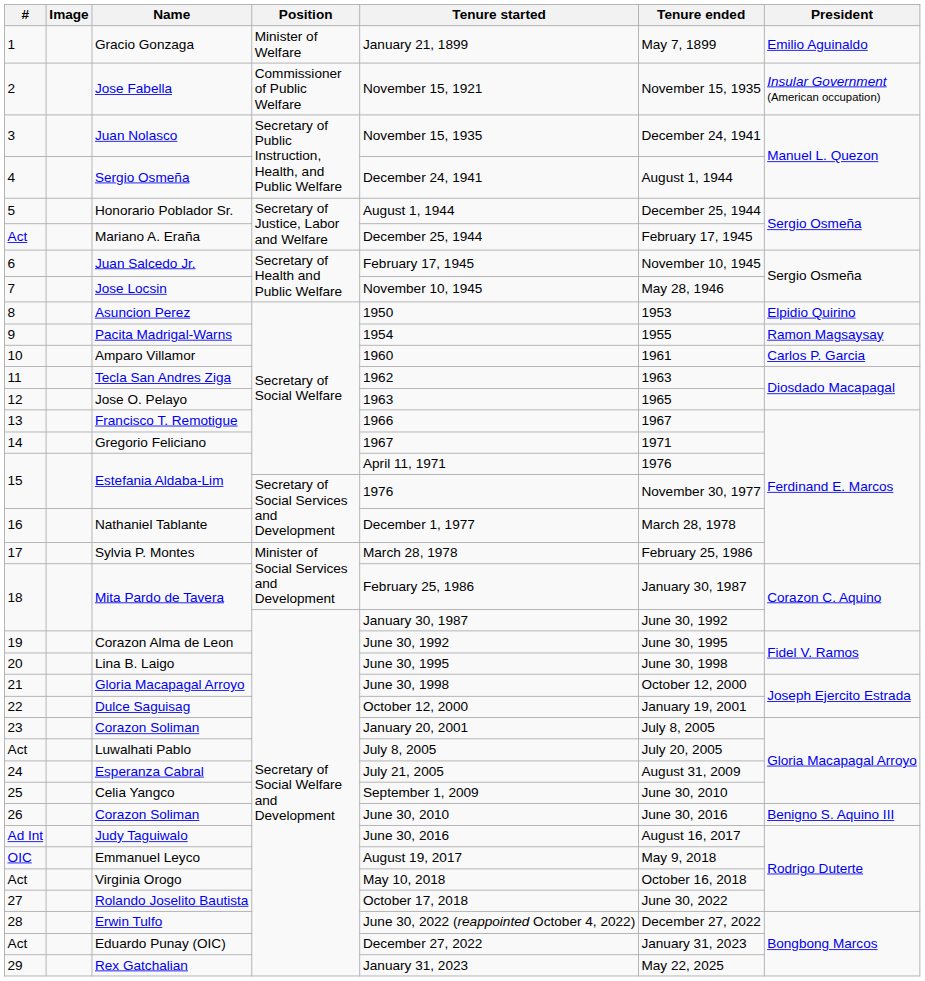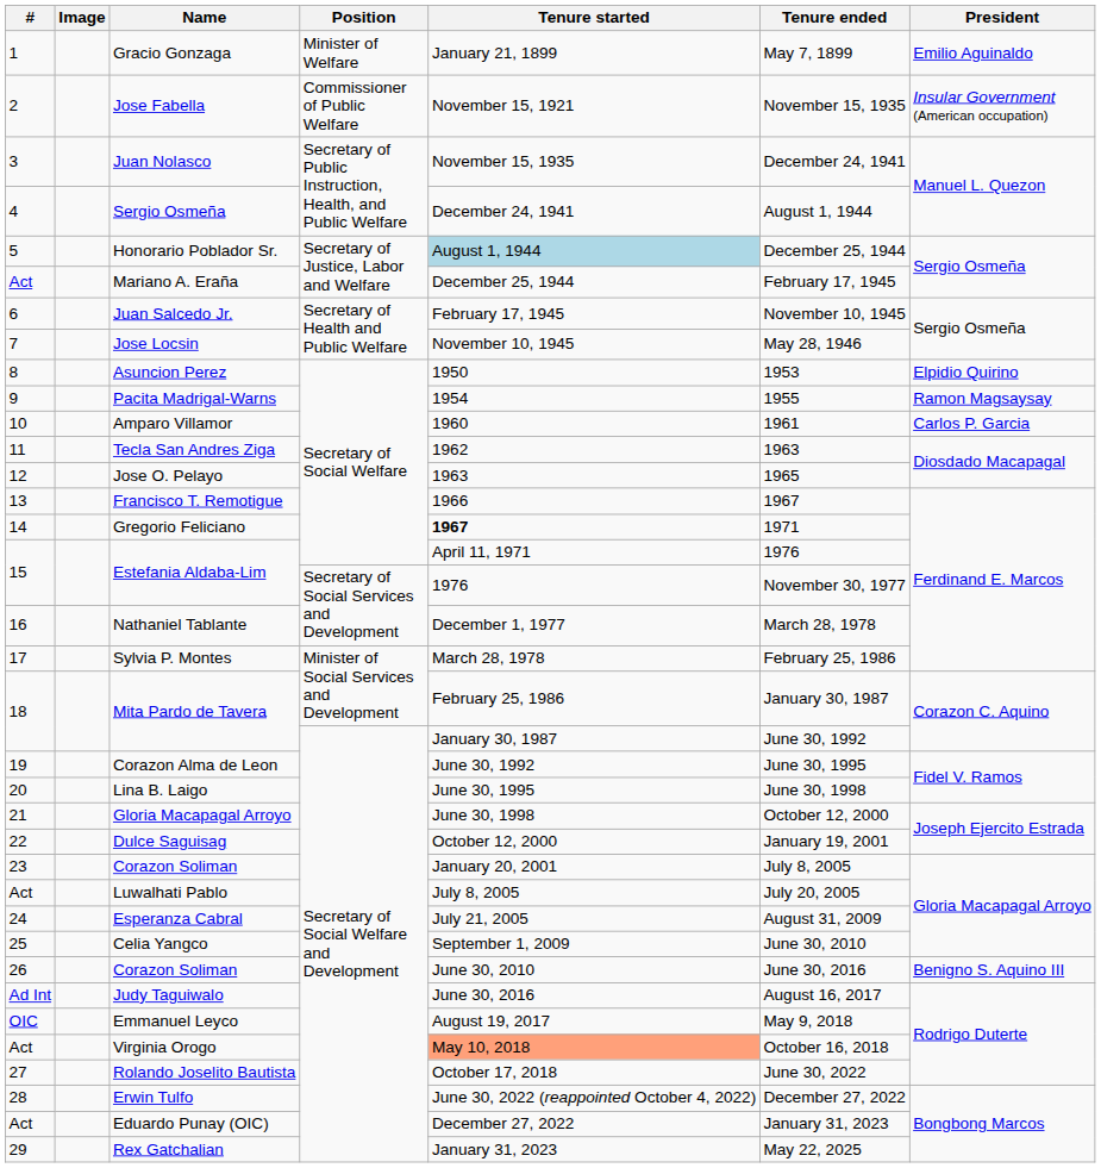 <table class=wikitable>
 <tr>
 <th>#</th>
 <th>Image</th>
 <th>Name</th>
 <th width=120px>Position</th>
 <th>Tenure started</th>
 <th>Tenure ended</th>
 <th>President</th>
 </tr>
 <tr>
 <td>1</td>
 <td></td>
 <td>Gracio Gonzaga</td>
 <td>Minister of Welfare</td>
 <td>January 21, 1899</td>
 <td>May 7, 1899</td>
 <td><a href='#'>Emilio Aguinaldo</a></td>
 </tr>
 <tr>
 <td>2</td>
 <td></td>
 <td><a href='#'>Jose Fabella</a></td>
 <td>Commissioner of Public Welfare</td>
 <td>November 15, 1921</td>
 <td>November 15, 1935</td>
 <td><em><a href='#'>Insular Government</a></em><br><small>(American occupation)</small></td>
 </tr>
 <tr>
 <td>3</td>
 <td></td>
 <td><a href='#'>Juan Nolasco</a></td>
 <td rowspan="2">Secretary of Public Instruction, Health, and Public Welfare</td>
 <td>November 15, 1935</td>
 <td>December 24, 1941</td>
 <td rowspan="2"><a href='#'>Manuel L. Quezon</a></td>
 </tr>
 <tr>
 <td>4</td>
 <td></td>
 <td><a href='#'>Sergio Osmeña</a></td>
 <td>December 24, 1941</td>
 <td>August 1, 1944</td>
 </tr>
 <tr>
 <td>5</td>
 <td></td>
 <td>Honorario Poblador Sr.</td>
 <td rowspan="2">Secretary of Justice, Labor and Welfare</td>
-<td>August 1, 1944</td>
+<td style="background: lightblue;">August 1, 1944</td>
 <td>December 25, 1944</td>
 <td rowspan="2"><a href='#'>Sergio Osmeña</a></td>
 </tr>
 <tr>
 <td><a href='#'>Act</a></td>
 <td></td>
 <td>Mariano A. Eraña</td>
 <td>December 25, 1944</td>
 <td>February 17, 1945</td>
 </tr>
 <tr>
 <td>6</td>
 <td></td>
 <td><a href='#'>Juan Salcedo Jr.</a></td>
 <td rowspan="2">Secretary of Health and Public Welfare</td>
 <td>February 17, 1945</td>
 <td>November 10, 1945</td>
 <td rowspan="2">Sergio Osmeña</td>
 </tr>
 <tr>
 <td>7</td>
 <td></td>
 <td><a href='#'>Jose Locsin</a></td>
 <td>November 10, 1945</td>
 <td>May 28, 1946</td>
 </tr>
 <tr>
 <td>8</td>
 <td></td>
 <td><a href='#'>Asuncion Perez</a></td>
 <td rowspan="8">Secretary  of Social Welfare</td>
 <td>1950</td>
 <td>1953</td>
 <td><a href='#'>Elpidio Quirino</a></td>
 </tr>
 <tr>
 <td>9</td>
 <td></td>
 <td><a href='#'>Pacita Madrigal-Warns</a></td>
 <td>1954</td>
 <td>1955</td>
 <td><a href='#'>Ramon Magsaysay</a></td>
 </tr>
 <tr>
 <td>10</td>
 <td></td>
 <td>Amparo Villamor</td>
 <td>1960</td>
 <td>1961</td>
 <td><a href='#'>Carlos P. Garcia</a></td>
 </tr>
 <tr>
 <td>11</td>
 <td></td>
 <td><a href='#'>Tecla San Andres Ziga</a></td>
 <td>1962</td>
 <td>1963</td>
 <td rowspan=2><a href='#'>Diosdado Macapagal</a></td>
 </tr>
 <tr>
 <td>12</td>
 <td></td>
 <td>Jose O. Pelayo</td>
 <td>1963</td>
 <td>1965</td>
 </tr>
 <tr>
 <td>13</td>
 <td></td>
 <td><a href='#'>Francisco T. Remotigue</a></td>
 <td>1966</td>
 <td>1967</td>
 <td rowspan="6"><a href='#'>Ferdinand E. Marcos</a></td>
 </tr>
 <tr>
 <td>14</td>
 <td></td>
 <td>Gregorio Feliciano</td>
-<td>1967</td>
+<td><strong>1967</strong></td>
 <td>1971</td>
 </tr>
 <tr>
 <td rowspan="2">15</td>
 <td rowspan="2"></td>
 <td rowspan="2"><a href='#'>Estefania Aldaba-Lim</a></td>
 <td>April 11, 1971</td>
 <td>1976</td>
 </tr>
 <tr>
 <td rowspan="2">Secretary of Social Services and Development</td>
 <td>1976</td>
 <td>November 30, 1977</td>
 </tr>
 <tr>
 <td>16</td>
 <td></td>
 <td>Nathaniel Tablante</td>
 <td>December 1, 1977</td>
 <td>March 28, 1978</td>
 </tr>
 <tr>
 <td>17</td>
 <td></td>
 <td>Sylvia P. Montes</td>
 <td rowspan="2">Minister of Social Services and Development</td>
 <td>March 28, 1978</td>
 <td>February 25, 1986</td>
 </tr>
 <tr>
 <td rowspan="2">18</td>
 <td rowspan="2"></td>
 <td rowspan="2"><a href='#'>Mita Pardo de Tavera</a></td>
 <td>February 25, 1986</td>
 <td>January 30, 1987</td>
 <td rowspan="2"><a href='#'>Corazon C. Aquino</a></td>
 </tr>
 <tr>
 <td rowspan="17">Secretary of Social Welfare and Development</td>
 <td>January 30, 1987</td>
 <td>June 30, 1992</td>
 </tr>
 <tr>
 <td>19</td>
 <td></td>
 <td>Corazon Alma de Leon</td>
 <td>June 30, 1992</td>
 <td>June 30, 1995</td>
 <td rowspan=2><a href='#'>Fidel V. Ramos</a></td>
 </tr>
 <tr>
 <td>20</td>
 <td></td>
 <td>Lina B. Laigo</td>
 <td>June 30, 1995</td>
 <td>June 30, 1998</td>
 </tr>
 <tr>
 <td>21</td>
 <td></td>
 <td><a href='#'>Gloria Macapagal Arroyo</a></td>
 <td>June 30, 1998</td>
 <td>October 12, 2000</td>
 <td rowspan=2><a href='#'>Joseph Ejercito Estrada</a></td>
 </tr>
 <tr>
 <td>22</td>
 <td></td>
 <td><a href='#'>Dulce Saguisag</a></td>
 <td>October 12, 2000</td>
 <td>January 19, 2001</td>
 </tr>
 <tr>
 <td>23</td>
 <td></td>
 <td><a href='#'>Corazon Soliman</a></td>
 <td>January 20, 2001</td>
 <td>July 8, 2005</td>
 <td rowspan=4><a href='#'>Gloria Macapagal Arroyo</a></td>
 </tr>
 <tr>
 <td>Act</td>
 <td></td>
 <td>Luwalhati Pablo</td>
 <td>July 8, 2005</td>
 <td>July 20, 2005</td>
 </tr>
 <tr>
 <td>24</td>
 <td></td>
 <td><a href='#'>Esperanza Cabral</a></td>
 <td>July 21, 2005</td>
 <td>August 31, 2009</td>
 </tr>
 <tr>
 <td>25</td>
 <td></td>
 <td>Celia Yangco</td>
 <td>September 1, 2009</td>
 <td>June 30, 2010</td>
 </tr>
 <tr>
 <td>26</td>
 <td></td>
 <td><a href='#'>Corazon Soliman</a></td>
 <td>June 30, 2010</td>
 <td>June 30, 2016</td>
 <td><a href='#'>Benigno S. Aquino III</a></td>
 </tr>
 <tr>
 <td><a href='#'>Ad Int</a></td>
 <td></td>
 <td><a href='#'>Judy Taguiwalo</a></td>
 <td>June 30, 2016</td>
 <td>August 16, 2017</td>
 <td rowspan=4><a href='#'>Rodrigo Duterte</a></td>
 </tr>
 <tr>
 <td><a href='#'>OIC</a></td>
 <td></td>
 <td>Emmanuel Leyco</td>
 <td>August 19, 2017</td>
 <td>May 9, 2018</td>
 </tr>
 <tr>
 <td>Act</td>
 <td></td>
 <td>Virginia Orogo</td>
-<td>May 10, 2018</td>
+<td style="background: lightsalmon;">May 10, 2018</td>
 <td>October 16, 2018</td>
 </tr>
 <tr>
 <td>27</td>
 <td></td>
 <td><a href='#'>Rolando Joselito Bautista</a></td>
 <td>October 17, 2018</td>
 <td>June 30, 2022</td>
 </tr>
 <tr>
 <td>28</td>
 <td></td>
 <td><a href='#'>Erwin Tulfo</a></td>
 <td>June 30, 2022 (<em>reappointed</em> October 4, 2022)</td>
 <td>December 27, 2022</td>
 <td rowspan="4"><a href='#'>Bongbong Marcos</a></td>
 </tr>
 <tr>
 <td>Act</td>
 <td></td>
 <td>Eduardo Punay (OIC)</td>
 <td>December 27, 2022</td>
 <td>January 31, 2023</td>
 </tr>
 <tr>
 <td>29</td>
 <td></td>
 <td><a href='#'>Rex Gatchalian</a></td>
 <td>January 31, 2023</td>
 <td>May 22, 2025</td>
 </tr>
 </table>
